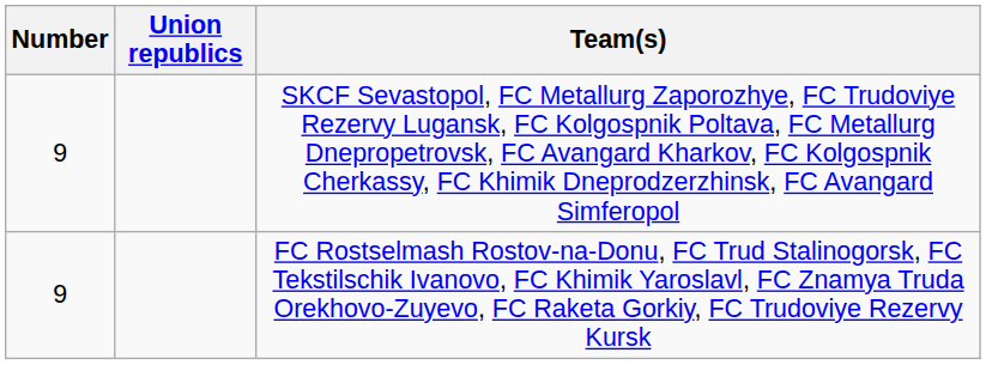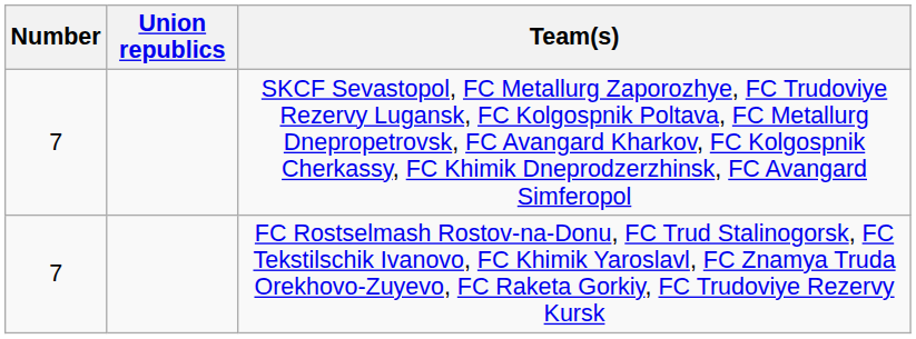 <table class="wikitable" style="text-align:center">
 <tr>
 <th>Number</th>
 <th><a href='#'>Union republics</a></th>
 <th>Team(s)</th>
 </tr>
 <tr>
-<td rowspan="1">9</td>
+<td rowspan="1">7</td>
 <td align="left"></td>
 <td><a href='#'>SKCF Sevastopol</a>, <a href='#'>FC Metallurg Zaporozhye</a>, <a href='#'>FC Trudoviye Rezervy Lugansk</a>, <a href='#'>FC Kolgospnik Poltava</a>, <a href='#'>FC Metallurg Dnepropetrovsk</a>, <a href='#'>FC Avangard Kharkov</a>, <a href='#'>FC Kolgospnik Cherkassy</a>, <a href='#'>FC Khimik Dneprodzerzhinsk</a>, <a href='#'>FC Avangard Simferopol</a></td>
 </tr>
 <tr>
-<td rowspan="1">9</td>
+<td rowspan="1">7</td>
 <td align="left"></td>
 <td><a href='#'>FC Rostselmash Rostov-na-Donu</a>, <a href='#'>FC Trud Stalinogorsk</a>, <a href='#'>FC Tekstilschik Ivanovo</a>, <a href='#'>FC Khimik Yaroslavl</a>, <a href='#'>FC Znamya Truda Orekhovo-Zuyevo</a>, <a href='#'>FC Raketa Gorkiy</a>, <a href='#'>FC Trudoviye Rezervy Kursk</a></td>
 </tr>
 </table>
